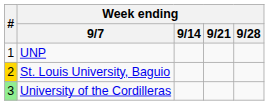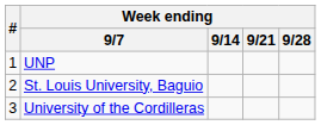 <table class=wikitable style="font-size:92%;">
 <tr>
 <th rowspan=2>#</th>
 <th colspan=9>Week ending</th>
 </tr>
 <tr>
 <th>9/7</th>
 <th>9/14</th>
 <th>9/21</th>
 <th>9/28</th>
 </tr>
 <tr>
 <td>1</td>
 <td><a href='#'>UNP</a></td>
 <td></td>
 <td></td>
 <td></td>
 </tr>
 <tr>
-<td style="background: gold;">2</td>
+<td>2</td>
 <td><a href='#'>St. Louis University, Baguio</a></td>
 <td></td>
 <td></td>
 <td></td>
 </tr>
 <tr>
-<td style="background: lightgreen;">3</td>
+<td>3</td>
 <td><a href='#'>University of the Cordilleras</a></td>
 <td></td>
 <td></td>
 <td></td>
 </tr>
 </table>
